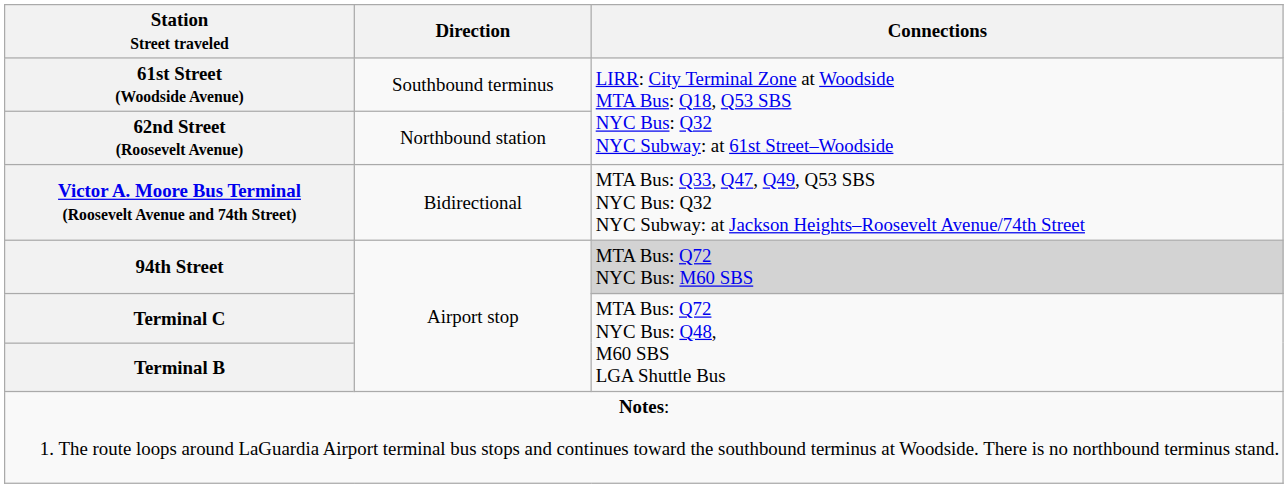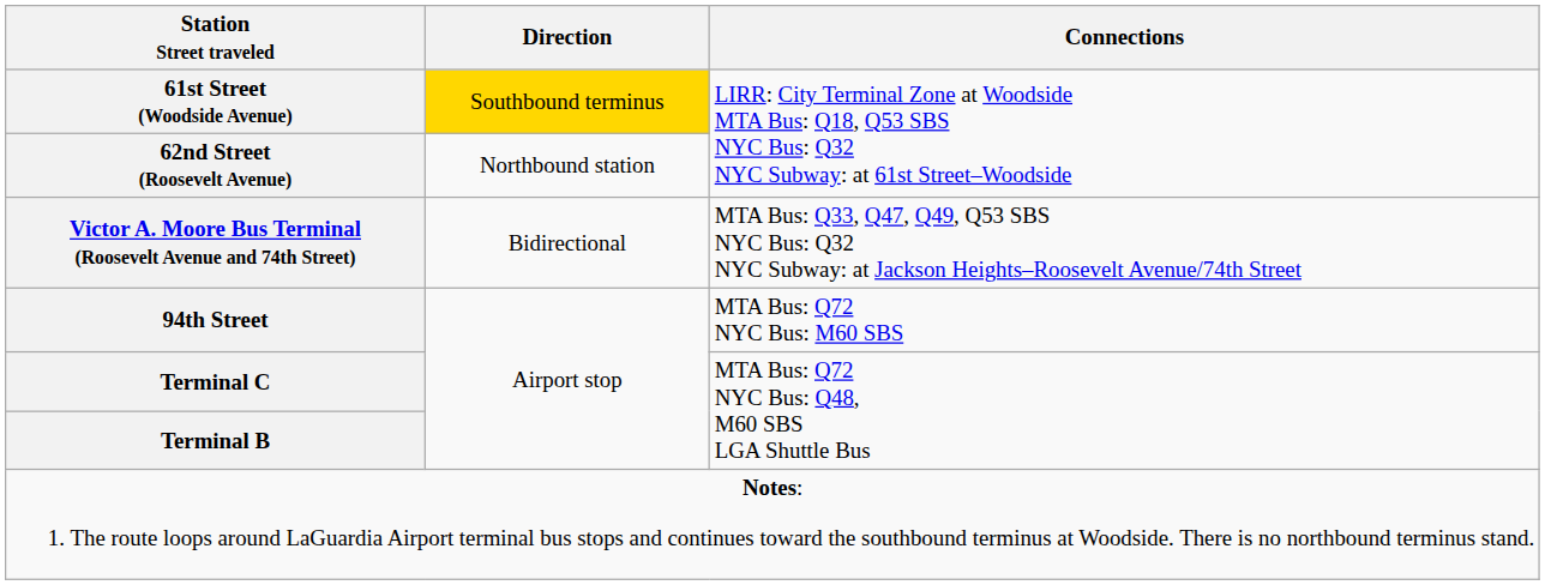 <table class="wikitable collapsible" style="font-size: 95%;">
 <tr>
 <th>Station<br><small>Street traveled</small></th>
 <th>Direction</th>
 <th>Connections</th>
 </tr>
 <tr>
 <th>61st Street<br><small>(Woodside Avenue)</small></th>
-<td style="text-align:center;">Southbound terminus</td>
+<td style="background: gold; text-align:center;">Southbound terminus</td>
 <td rowspan=2><a href='#'>LIRR</a>: <a href='#'>City Terminal Zone</a> at <a href='#'>Woodside</a><br><a href='#'>MTA Bus</a>: <a href='#'>Q18</a>, <a href='#'>Q53 SBS</a><br><a href='#'>NYC Bus</a>: <a href='#'>Q32</a><br><a href='#'>NYC Subway</a>:  at <a href='#'>61st Street–Woodside</a></td>
 </tr>
 <tr>
 <th>62nd Street <br><small>(Roosevelt Avenue)</small></th>
 <td style="text-align:center;">Northbound station</td>
 </tr>
 <tr>
 <th><a href='#'>Victor A. Moore Bus Terminal</a><br><small>(Roosevelt Avenue and 74th Street)</small></th>
 <td style="text-align:center;">Bidirectional</td>
 <td>MTA Bus: <a href='#'>Q33</a>, <a href='#'>Q47</a>, <a href='#'>Q49</a>, Q53 SBS<br>NYC Bus: Q32<br>NYC Subway:  at <a href='#'>Jackson Heights–Roosevelt Avenue/74th Street</a></td>
 </tr>
 <tr>
 <th>94th Street</th>
 <td style="text-align:center;" rowspan="3">Airport stop</td>
-<td style="background: lightgrey;">MTA Bus: <a href='#'>Q72</a> <br>NYC Bus: <a href='#'>M60 SBS</a></td>
+<td>MTA Bus: <a href='#'>Q72</a> <br>NYC Bus: <a href='#'>M60 SBS</a></td>
 </tr>
 <tr>
 <th>Terminal C</th>
 <td rowspan="2">MTA Bus: <a href='#'>Q72</a> <br>NYC Bus: <a href='#'>Q48</a>,<br>M60 SBS<br>LGA Shuttle Bus</td>
 </tr>
 <tr>
 <th>Terminal B</th>
 </tr>
 <tr>
 <td colspan="3" style="text-align:center;"><strong>Notes</strong>:<br><ol><li>The route loops around LaGuardia Airport terminal bus stops and continues toward the southbound terminus at Woodside. There is no northbound terminus stand.</li></ol></td>
 </tr>
 </table>
